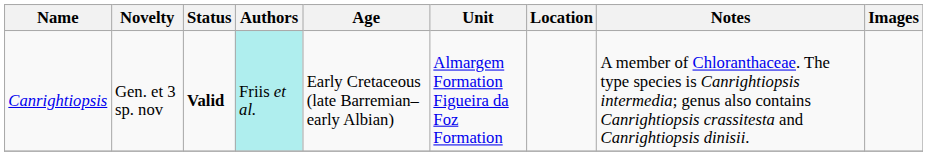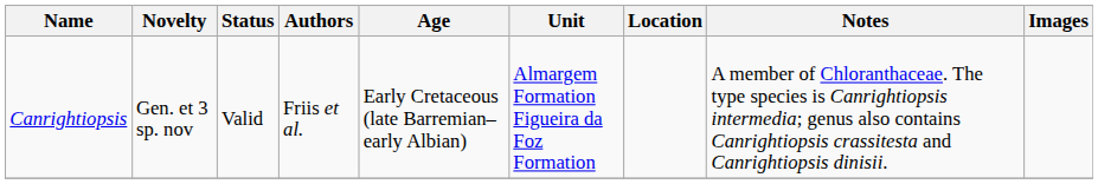 <table class="wikitable sortable" align="center" width="100%">
 <tr>
 <th>Name</th>
 <th>Novelty</th>
 <th>Status</th>
 <th>Authors</th>
 <th>Age</th>
 <th>Unit</th>
 <th>Location</th>
 <th>Notes</th>
 <th>Images</th>
 </tr>
 <tr>
 <td><br><em><a href='#'>Canrightiopsis</a></em></td>
 <td><br>Gen. et 3 sp. nov</td>
-<td><strong><br>Valid</strong></td>
-<td style="background: paleturquoise;"><br>Friis <em>et al.</em></td>
+<td><br>Valid</td>
+<td><br>Friis <em>et al.</em></td>
 <td><br>Early Cretaceous (late Barremian–early Albian)</td>
 <td><br><a href='#'>Almargem Formation</a><br> <a href='#'>Figueira da Foz Formation</a></td>
 <td><br></td>
 <td><br>A member of <a href='#'>Chloranthaceae</a>. The type species is <em>Canrightiopsis intermedia</em>; genus also contains <em>Canrightiopsis crassitesta</em> and <em>Canrightiopsis dinisii</em>.</td>
 <td></td>
 </tr>
 <tr>
 </tr>
 </table>
